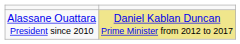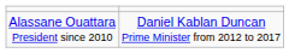 <table class="wikitable" style="text-align:left; float:right; margin-right:9px; margin-left:2px;">
 <tr>
 <td align="right"></td>
 <td align="right"></td>
 </tr>
 <tr>
 <td align="center"><a href='#'>Alassane Ouattara</a><br><small><a href='#'>President</a> since 2010</small></td>
-<td align="center" style="background: khaki;"><a href='#'>Daniel Kablan Duncan</a><br><small><a href='#'>Prime Minister</a> from 2012 to 2017</small></td>
+<td align="center"><a href='#'>Daniel Kablan Duncan</a><br><small><a href='#'>Prime Minister</a> from 2012 to 2017</small></td>
 </tr>
 </table>
